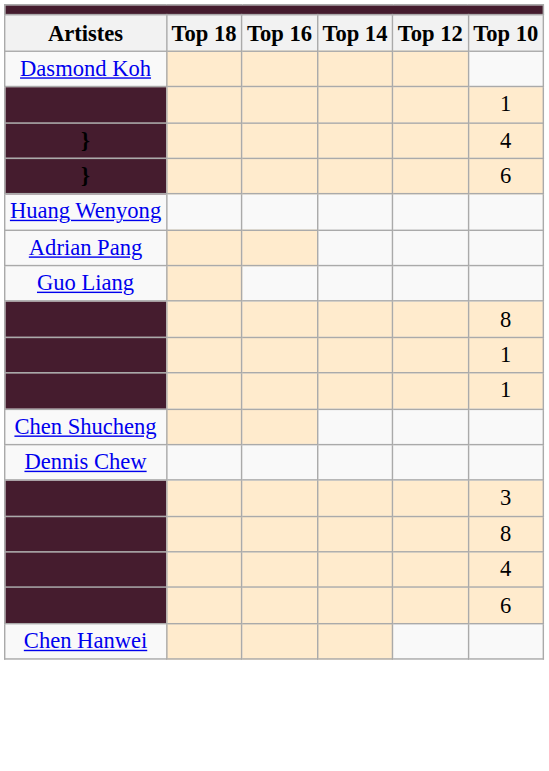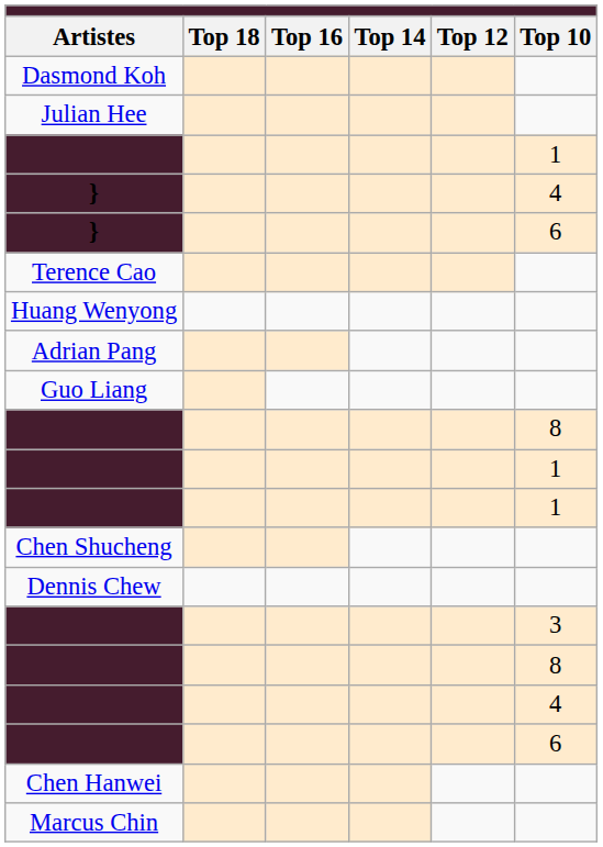 <table class="wikitable">
 <tr bgcolor="#bebebe">
 <td colspan="6" data-sort-value="ω" style="background-color:#451c2e; font-weight:bold; text-align:center;"></td>
 </tr>
 <tr>
 <th align="center">Artistes</th>
 <th align="center">Top 18</th>
 <th align="center">Top 16</th>
 <th align="center">Top 14</th>
 <th align="center">Top 12</th>
 <th align="center">Top 10</th>
 </tr>
 <tr>
 <td align="center"><a href='#'>Dasmond Koh</a></td>
+<td style="background:#FFEBCD"></td>
+<td style="background:#FFEBCD"></td>
+<td style="background:#FFEBCD"></td>
+<td style="background:#FFEBCD"></td>
+<td></td>
+</tr>
+<tr>
+<td align="center"><a href='#'>Julian Hee</a></td>
 <td style="background:#FFEBCD"></td>
 <td style="background:#FFEBCD"></td>
 <td style="background:#FFEBCD"></td>
 <td style="background:#FFEBCD"></td>
 <td></td>
 </tr>
 <tr>
 <td bgcolor="#451c2e" align="center"><strong></strong></td>
 <td style="background:#FFEBCD"></td>
 <td style="background:#FFEBCD"></td>
 <td style="background:#FFEBCD"></td>
 <td style="background:#FFEBCD"></td>
 <td style="background:#FFEBCD; text-align:center;">1</td>
 </tr>
 <tr>
 <td bgcolor="#451c2e" align="center"><strong>} </strong></td>
 <td style="background:#FFEBCD"></td>
 <td style="background:#FFEBCD"></td>
 <td style="background:#FFEBCD"></td>
 <td style="background:#FFEBCD"></td>
 <td style="background:#FFEBCD; text-align:center;">4</td>
 </tr>
 <tr>
 <td bgcolor="#451c2e" align="center"><strong>} </strong></td>
 <td style="background:#FFEBCD"></td>
 <td style="background:#FFEBCD"></td>
 <td style="background:#FFEBCD"></td>
 <td style="background:#FFEBCD"></td>
 <td style="background:#FFEBCD; text-align:center;">6</td>
+</tr>
+<tr>
+<td align="center"><a href='#'>Terence Cao</a></td>
+<td style="background:#FFEBCD"></td>
+<td style="background:#FFEBCD"></td>
+<td style="background:#FFEBCD"></td>
+<td style="background:#FFEBCD"></td>
+<td></td>
 </tr>
 <tr>
 <td align="center"><a href='#'>Huang Wenyong</a></td>
 <td></td>
 <td></td>
 <td></td>
 <td></td>
 <td></td>
 </tr>
 <tr>
 <td align="center"><a href='#'>Adrian Pang</a></td>
 <td style="background:#FFEBCD"></td>
 <td style="background:#FFEBCD"></td>
 <td></td>
 <td></td>
 <td></td>
 </tr>
 <tr>
 <td align="center"><a href='#'>Guo Liang</a></td>
 <td style="background:#FFEBCD"></td>
 <td></td>
 <td></td>
 <td></td>
 <td></td>
 </tr>
 <tr>
 <td bgcolor="#451c2e" align="center"><strong></strong></td>
 <td style="background:#FFEBCD"></td>
 <td style="background:#FFEBCD"></td>
 <td style="background:#FFEBCD"></td>
 <td style="background:#FFEBCD"></td>
 <td style="background:#FFEBCD; text-align:center;">8</td>
 </tr>
 <tr>
 <td bgcolor="#451c2e" align="center"><strong></strong></td>
 <td style="background:#FFEBCD"></td>
 <td style="background:#FFEBCD"></td>
 <td style="background:#FFEBCD"></td>
 <td style="background:#FFEBCD"></td>
 <td style="background:#FFEBCD; text-align:center;">1</td>
 </tr>
 <tr>
 <td bgcolor="#451c2e" align="center"><strong></strong></td>
 <td style="background:#FFEBCD"></td>
 <td style="background:#FFEBCD"></td>
 <td style="background:#FFEBCD"></td>
 <td style="background:#FFEBCD"></td>
 <td style="background:#FFEBCD; text-align:center;">1</td>
 </tr>
 <tr>
 <td align="center"><a href='#'>Chen Shucheng</a></td>
 <td style="background:#FFEBCD"></td>
 <td style="background:#FFEBCD"></td>
 <td></td>
 <td></td>
 <td></td>
 </tr>
 <tr>
 <td align="center"><a href='#'>Dennis Chew</a></td>
 <td></td>
 <td></td>
 <td></td>
 <td></td>
 <td></td>
 </tr>
 <tr>
 <td bgcolor="#451c2e" align="center"><strong></strong></td>
 <td style="background:#FFEBCD"></td>
 <td style="background:#FFEBCD"></td>
 <td style="background:#FFEBCD"></td>
 <td style="background:#FFEBCD"></td>
 <td style="background:#FFEBCD; text-align:center;">3</td>
 </tr>
 <tr>
 <td bgcolor="#451c2e" align="center"><strong></strong></td>
 <td style="background:#FFEBCD"></td>
 <td style="background:#FFEBCD"></td>
 <td style="background:#FFEBCD"></td>
 <td style="background:#FFEBCD"></td>
 <td style="background:#FFEBCD; text-align:center;">8</td>
 </tr>
 <tr>
 <td bgcolor="#451c2e" align="center"><strong></strong></td>
 <td style="background:#FFEBCD"></td>
 <td style="background:#FFEBCD"></td>
 <td style="background:#FFEBCD"></td>
 <td style="background:#FFEBCD"></td>
 <td style="background:#FFEBCD; text-align:center;">4</td>
 </tr>
 <tr>
 <td bgcolor="#451c2e" align="center"><strong></strong></td>
 <td style="background:#FFEBCD"></td>
 <td style="background:#FFEBCD"></td>
 <td style="background:#FFEBCD"></td>
 <td style="background:#FFEBCD"></td>
 <td style="background:#FFEBCD; text-align:center;">6</td>
 </tr>
 <tr>
 <td align="center"><a href='#'>Chen Hanwei</a></td>
 <td style="background:#FFEBCD"></td>
 <td style="background:#FFEBCD"></td>
 <td style="background:#FFEBCD"></td>
 <td></td>
 <td></td>
 </tr>
+<tr>
+<td align="center"><a href='#'>Marcus Chin</a></td>
+<td style="background:#FFEBCD"></td>
+<td style="background:#FFEBCD"></td>
+<td style="background:#FFEBCD"></td>
+<td></td>
+<td></td>
+</tr>
 </table>
